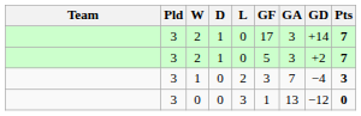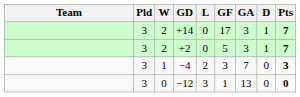 <table class="wikitable" style="text-align:center;">
 <tr>
 <th width=180>Team</th>
 <th width=20>Pld</th>
 <th width=20>W</th>
-<th width=20>D</th>
+<th width=20>GD</th>
 <th width=20>L</th>
 <th width=20>GF</th>
 <th width=20>GA</th>
-<th width=20>GD</th>
+<th width=20>D</th>
 <th width=20>Pts</th>
 </tr>
 <tr bgcolor=ccffcc>
 <td align="left"></td>
 <td>3</td>
 <td>2</td>
-<td>1</td>
+<td>+14</td>
 <td>0</td>
 <td>17</td>
 <td>3</td>
-<td>+14</td>
+<td>1</td>
 <td><strong>7</strong></td>
 </tr>
 <tr bgcolor=ccffcc>
 <td align="left"></td>
 <td>3</td>
 <td>2</td>
-<td>1</td>
+<td>+2</td>
 <td>0</td>
 <td>5</td>
 <td>3</td>
-<td>+2</td>
+<td>1</td>
 <td><strong>7</strong></td>
 </tr>
 <tr>
 <td align="left"><em></em></td>
 <td>3</td>
 <td>1</td>
-<td>0</td>
+<td>−4</td>
 <td>2</td>
 <td>3</td>
 <td>7</td>
-<td>−4</td>
+<td>0</td>
 <td><strong>3</strong></td>
 </tr>
 <tr>
 <td align="left"></td>
 <td>3</td>
 <td>0</td>
-<td>0</td>
+<td>−12</td>
 <td>3</td>
 <td>1</td>
 <td>13</td>
-<td>−12</td>
+<td>0</td>
 <td><strong>0</strong></td>
 </tr>
 </table>
